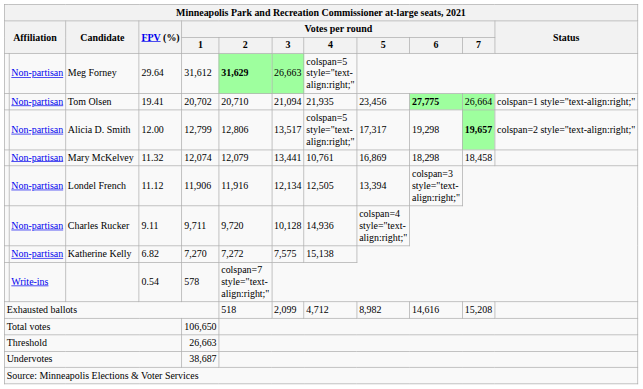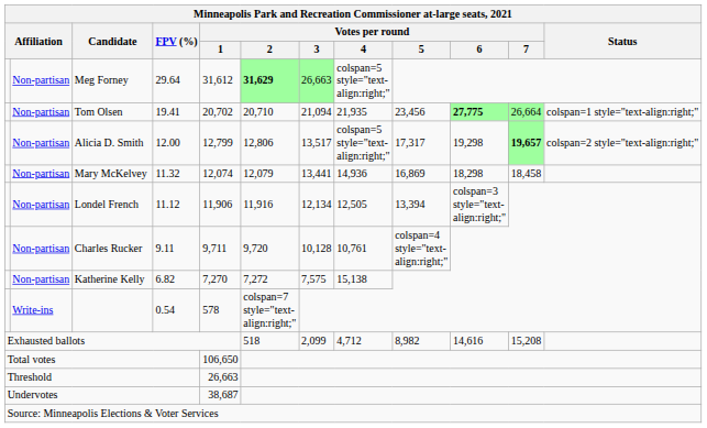 <table class="wikitable" style="font-size: 90%;">
 <tr>
 <th colspan="13">Minneapolis Park and Recreation Commissioner at-large seats, 2021</th>
 </tr>
 <tr>
 <th colspan="2" rowspan="2">Affiliation</th>
 <th style="width:100px" rowspan="2">Candidate</th>
 <th rowspan="2"><a href='#'>FPV</a> (%)</th>
 <th colspan="7">Votes per round</th>
 <th rowspan="2">Status</th>
 </tr>
 <tr>
 <th style="width:40px">1</th>
 <th style="width:40px">2</th>
 <th style="width:40px">3</th>
 <th style="width:40px">4</th>
 <th style="width:40px">5</th>
 <th style="width:40px">6</th>
 <th style="width:40px">7</th>
 </tr>
 <tr>
 <td style="background-color:"></td>
 <td><a href='#'>Non-partisan</a></td>
 <td>Meg Forney</td>
 <td align="left">29.64</td>
 <td align="left">31,612</td>
 <td align="left" style="background: #9EFF9E; color: #000"><strong>31,629</strong></td>
 <td align="left" style="background: #9EFF9E; color: #000">26,663</td>
 <td>colspan=5 style="text-align:right;" </td>
 </tr>
 <tr>
 <td style="background-color:"></td>
 <td><a href='#'>Non-partisan</a></td>
 <td>Tom Olsen</td>
 <td align="left">19.41</td>
 <td align="left">20,702</td>
 <td align="left">20,710</td>
 <td align="left">21,094</td>
 <td align="left">21,935</td>
 <td align="left">23,456</td>
 <td align="left" style="background: #9EFF9E; color: #000"><strong>27,775</strong></td>
 <td align="left" style="background: #9EFF9E; color: #000">26,664</td>
 <td>colspan=1 style="text-align:right;" </td>
 </tr>
 <tr>
 <td style="background-color:"></td>
 <td><a href='#'>Non-partisan</a></td>
 <td>Alicia D. Smith</td>
 <td align="left">12.00</td>
 <td align="left">12,799</td>
 <td align="left">12,806</td>
 <td align="left">13,517</td>
 <td>colspan=5 style="text-align:right;" </td>
 <td align="left">17,317</td>
 <td align="left">19,298</td>
 <td align="left" style="background: #9EFF9E; color: #000"><strong>19,657</strong></td>
 <td>colspan=2 style="text-align:right;" </td>
 </tr>
 <tr>
 <td style="background-color:"></td>
 <td><a href='#'>Non-partisan</a></td>
 <td>Mary McKelvey</td>
 <td align="left">11.32</td>
 <td align="left">12,074</td>
 <td align="left">12,079</td>
 <td align="left">13,441</td>
-<td align="left">10,761</td>
+<td align="left">14,936</td>
 <td align="left">16,869</td>
 <td align="left">18,298</td>
 <td align="left">18,458</td>
 <td></td>
 </tr>
 <tr>
 <td style="background-color:"></td>
 <td><a href='#'>Non-partisan</a></td>
 <td>Londel French</td>
 <td align="left">11.12</td>
 <td align="left">11,906</td>
 <td align="left">11,916</td>
 <td align="left">12,134</td>
 <td align="left">12,505</td>
 <td align="left">13,394</td>
 <td>colspan=3 style="text-align:right;" </td>
 </tr>
 <tr>
 <td style="background-color:"></td>
 <td><a href='#'>Non-partisan</a></td>
 <td>Charles Rucker</td>
 <td align="left">9.11</td>
 <td align="left">9,711</td>
 <td align="left">9,720</td>
 <td align="left">10,128</td>
-<td align="left">14,936</td>
+<td align="left">10,761</td>
 <td>colspan=4 style="text-align:right;" </td>
 </tr>
 <tr>
 <td style="background-color:"></td>
 <td><a href='#'>Non-partisan</a></td>
 <td>Katherine Kelly</td>
 <td align="left">6.82</td>
 <td align="left">7,270</td>
 <td align="left">7,272</td>
 <td align="left">7,575</td>
 <td align="left">15,138</td>
 </tr>
 <tr>
 <td style="background-color:"></td>
 <td><a href='#'>Write-ins</a></td>
 <td></td>
 <td align="left">0.54</td>
 <td align="left">578</td>
 <td>colspan=7 style="text-align:right;" </td>
 </tr>
 <tr>
 <td colspan="5">Exhausted ballots</td>
 <td align="left">518</td>
 <td align="left">2,099</td>
 <td align="left">4,712</td>
 <td align="left">8,982</td>
 <td align="left">14,616</td>
 <td align="left">15,208</td>
 <td colspan="4"></td>
 </tr>
 <tr>
 <td colspan="4">Total votes</td>
 <td align="right">106,650</td>
 <td colspan="7"></td>
 </tr>
 <tr>
 <td colspan="4">Threshold</td>
 <td align="right">26,663</td>
 <td colspan="7"></td>
 </tr>
 <tr>
 <td colspan="4">Undervotes</td>
 <td align="right">38,687</td>
 <td colspan="7"></td>
 </tr>
 <tr>
 <td colspan="12">Source: Minneapolis Elections & Voter Services</td>
 </tr>
 </table>
